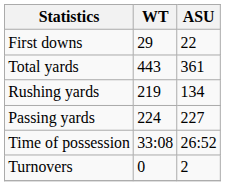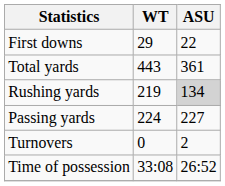 <table class="wikitable">
 <tr>
 <th>Statistics</th>
 <th>WT</th>
 <th>ASU</th>
 </tr>
 <tr>
 <td>First downs</td>
 <td>29</td>
 <td>22</td>
 </tr>
 <tr>
 <td>Total yards</td>
 <td>443</td>
 <td>361</td>
 </tr>
 <tr>
 <td>Rushing yards</td>
 <td>219</td>
-<td>134</td>
+<td style="background: lightgrey;">134</td>
 </tr>
 <tr>
 <td>Passing yards</td>
 <td>224</td>
 <td>227</td>
 </tr>
 <tr>
+<td>Turnovers</td>
+<td>0</td>
+<td>2</td>
+</tr>
+<tr>
 <td>Time of possession</td>
 <td>33:08</td>
 <td>26:52</td>
 </tr>
 <tr>
-<td>Turnovers</td>
-<td>0</td>
-<td>2</td>
-</tr>
-<tr>
 </tr>
 </table>
